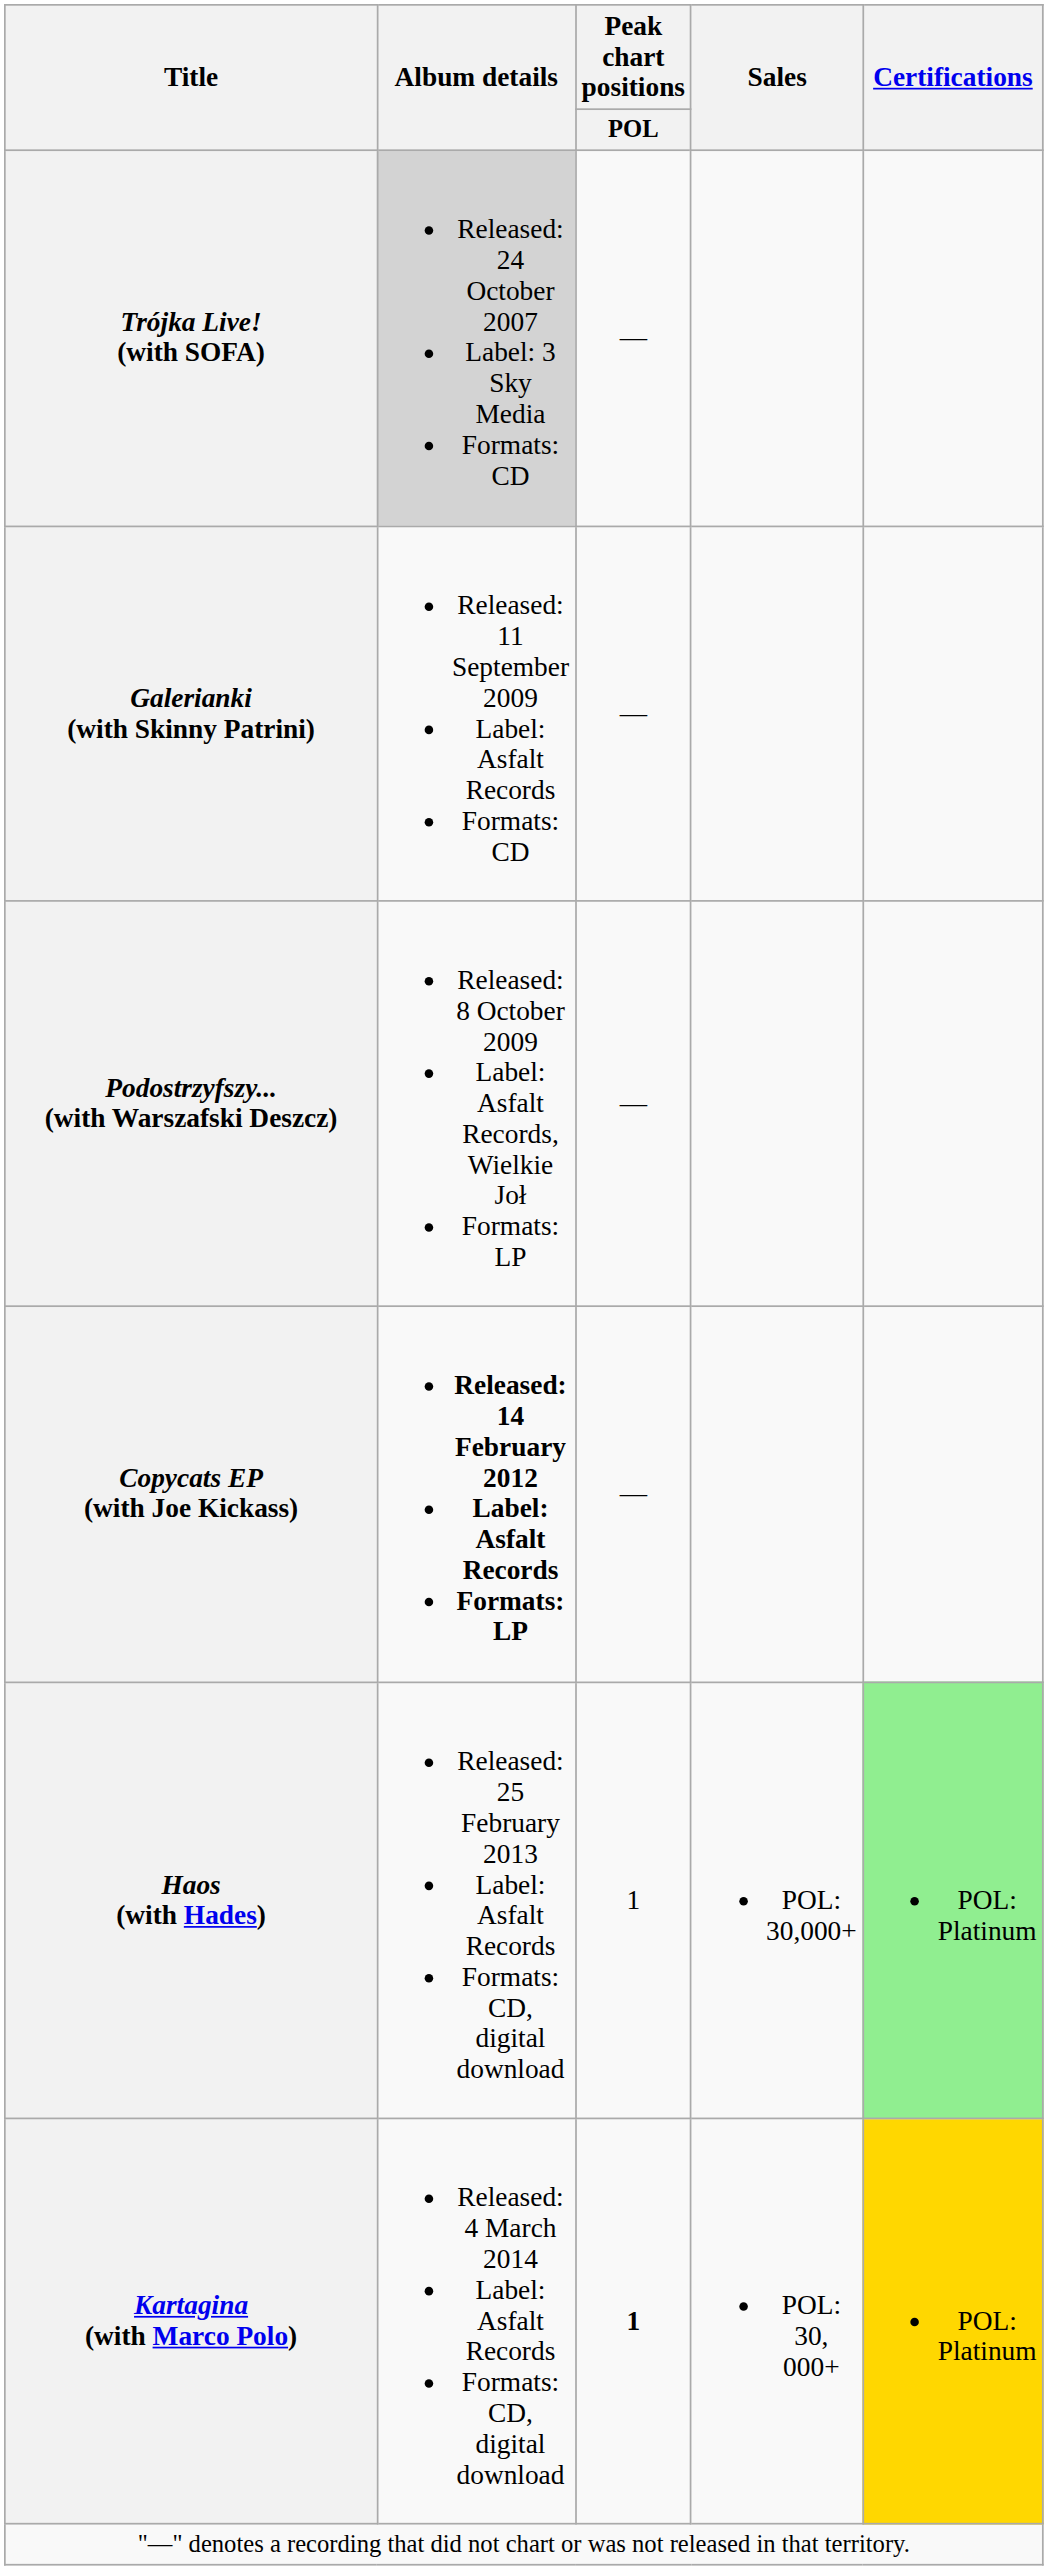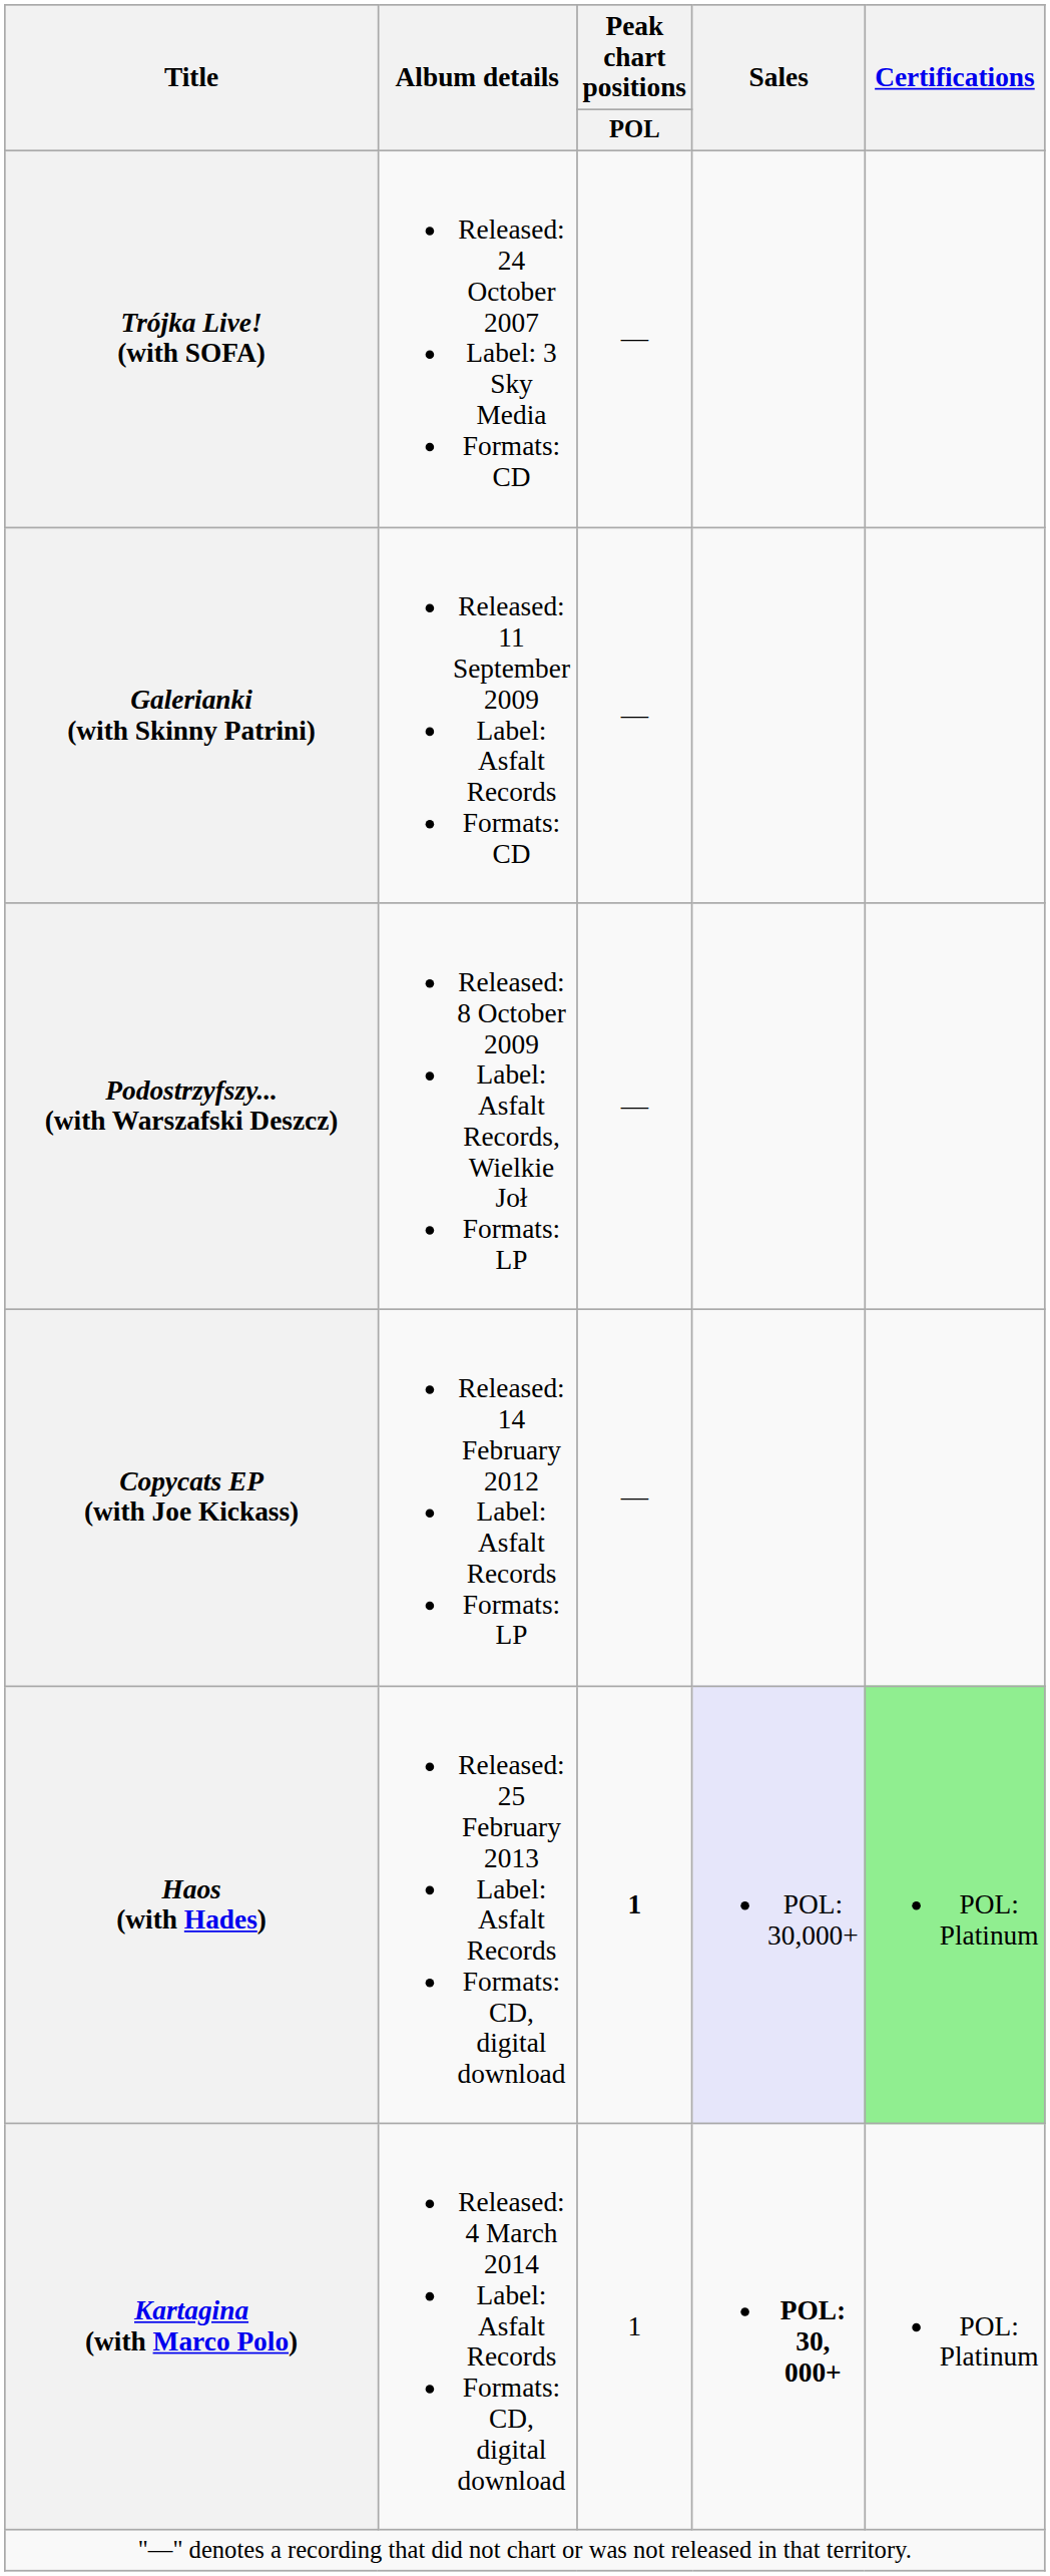 <table class="wikitable plainrowheaders" style="text-align:center;">
 <tr>
 <th scope="col" rowspan="2" style="width:15em;">Title</th>
 <th scope="col" rowspan="2">Album details</th>
 <th scope="col" colspan="1">Peak chart positions</th>
 <th scope="col" rowspan="2">Sales</th>
 <th scope="col" rowspan="2"><a href='#'>Certifications</a></th>
 </tr>
 <tr>
 <th scope="col" style="width:3em;font-size:90%;">POL<br></th>
 </tr>
 <tr>
 <th scope="row"><em>Trójka Live!</em><br>(with SOFA)</th>
-<td style="background: lightgrey;"><br><ul><li>Released: 24 October 2007</li><li>Label: 3 Sky Media</li><li>Formats: CD</li></ul></td>
+<td><br><ul><li>Released: 24 October 2007</li><li>Label: 3 Sky Media</li><li>Formats: CD</li></ul></td>
 <td>—</td>
 <td></td>
 <td></td>
 </tr>
 <tr>
 <th scope="row"><em>Galerianki</em><br>(with Skinny Patrini)</th>
 <td><br><ul><li>Released: 11 September 2009</li><li>Label: Asfalt Records</li><li>Formats: CD</li></ul></td>
 <td>—</td>
 <td></td>
 <td></td>
 </tr>
 <tr>
 <th scope="row"><em>Podostrzyfszy...</em><br>(with Warszafski Deszcz)</th>
 <td><br><ul><li>Released: 8 October 2009</li><li>Label: Asfalt Records, Wielkie Joł</li><li>Formats: LP</li></ul></td>
 <td>—</td>
 <td></td>
 <td></td>
 </tr>
 <tr>
 <th scope="row"><em>Copycats EP</em><br>(with Joe Kickass)</th>
-<td><strong><br><ul><li>Released: 14 February 2012</li><li>Label: Asfalt Records</li><li>Formats: LP</li></ul></strong></td>
+<td><br><ul><li>Released: 14 February 2012</li><li>Label: Asfalt Records</li><li>Formats: LP</li></ul></td>
 <td>—</td>
 <td></td>
 <td></td>
 </tr>
 <tr>
 <th scope="row"><em>Haos</em><br>(with <a href='#'>Hades</a>)</th>
 <td><br><ul><li>Released: 25 February 2013</li><li>Label: Asfalt Records</li><li>Formats: CD, digital download</li></ul></td>
-<td>1</td>
-<td><br><ul><li>POL: 30,000+</li></ul></td>
+<td><strong>1</strong></td>
+<td style="background: lavender;"><br><ul><li>POL: 30,000+</li></ul></td>
 <td style="background: lightgreen;"><br><ul><li>POL: Platinum</li></ul></td>
 </tr>
 <tr>
 <th scope="row"><em><a href='#'>Kartagina</a></em><br>(with <a href='#'>Marco Polo</a>)</th>
 <td><br><ul><li>Released: 4 March 2014</li><li>Label: Asfalt Records</li><li>Formats: CD, digital download</li></ul></td>
-<td><strong>1</strong></td>
-<td><br><ul><li>POL: 30, 000+</li></ul></td>
-<td style="background: gold;"><br><ul><li>POL: Platinum</li></ul></td>
+<td>1</td>
+<td><strong><br><ul><li>POL: 30, 000+</li></ul></strong></td>
+<td><br><ul><li>POL: Platinum</li></ul></td>
 </tr>
 <tr>
 <td colspan="20" style="font-size:90%">"—" denotes a recording that did not chart or was not released in that territory.</td>
 </tr>
 </table>
